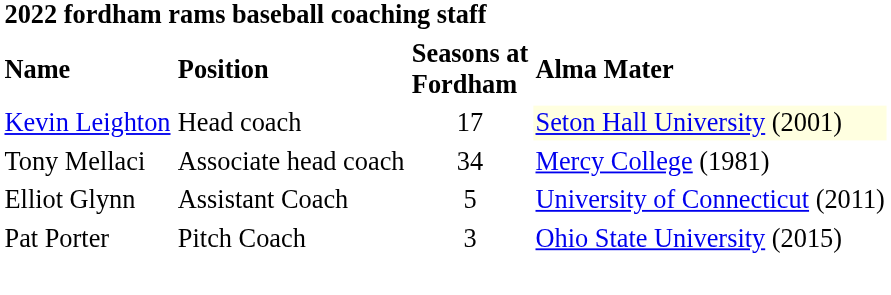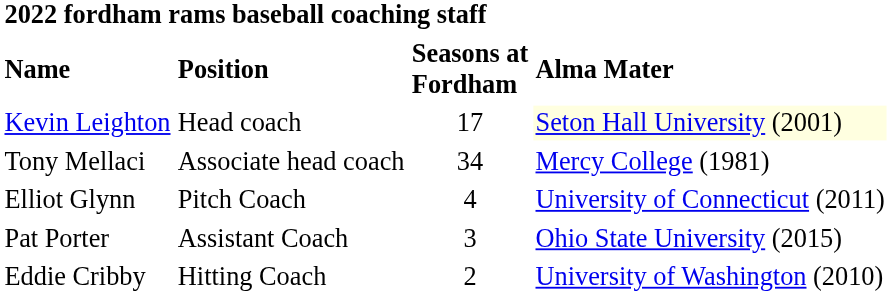 <table class="toccolours" style="text-align: left; font-size:90%;">
 <tr>
 <th colspan="4">2022 fordham rams baseball coaching staff</th>
 </tr>
 <tr>
 <th>Name</th>
 <th>Position</th>
 <th>Seasons at<br>Fordham</th>
 <th>Alma Mater</th>
 </tr>
 <tr>
 <td><a href='#'>Kevin Leighton</a></td>
 <td>Head coach</td>
 <td align=center>17</td>
 <td style="background: lightyellow;"><a href='#'>Seton Hall University</a> (2001)</td>
 </tr>
 <tr>
 <td>Tony Mellaci</td>
 <td>Associate head coach</td>
 <td align=center>34</td>
 <td><a href='#'>Mercy College</a> (1981)</td>
 </tr>
 <tr>
 <td>Elliot Glynn</td>
-<td>Assistant Coach</td>
-<td align=center>5</td>
+<td>Pitch Coach</td>
+<td align=center>4</td>
 <td><a href='#'>University of Connecticut</a> (2011)</td>
 </tr>
 <tr>
 <td>Pat Porter</td>
-<td>Pitch Coach</td>
+<td>Assistant Coach</td>
 <td align=center>3</td>
 <td><a href='#'>Ohio State University</a> (2015)</td>
 </tr>
+<tr>
+<td>Eddie Cribby</td>
+<td>Hitting Coach</td>
+<td align=center>2</td>
+<td><a href='#'>University of Washington</a> (2010)</td>
+</tr>
 </table>
